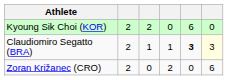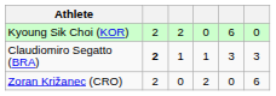 <table class="wikitable" style="text-align: center; font-size: 90%;">
 <tr>
 <th width=165>Athlete</th>
 <th width=25></th>
 <th width=25></th>
 <th width=25></th>
 <th width=25></th>
 <th width=25></th>
 </tr>
 <tr bgcolor=ccffcc>
 <td align="left">Kyoung Sik Choi (<a href='#'>KOR</a>)</td>
 <td>2</td>
 <td>2</td>
 <td>0</td>
 <td>6</td>
 <td>0</td>
 </tr>
 <tr>
 <td align="left">Claudiomiro Segatto (<a href='#'>BRA</a>)</td>
-<td>2</td>
+<td><strong>2</strong></td>
 <td>1</td>
 <td>1</td>
-<td><strong>3</strong></td>
-<td style="background: lightyellow;">3</td>
+<td>3</td>
+<td>3</td>
 </tr>
 <tr>
 <td align="left"><a href='#'>Zoran Križanec</a> (CRO)</td>
 <td>2</td>
 <td>0</td>
 <td>2</td>
 <td>0</td>
 <td>6</td>
 </tr>
 </table>
